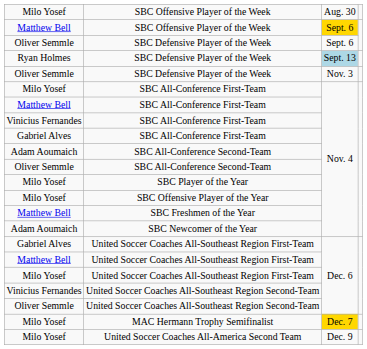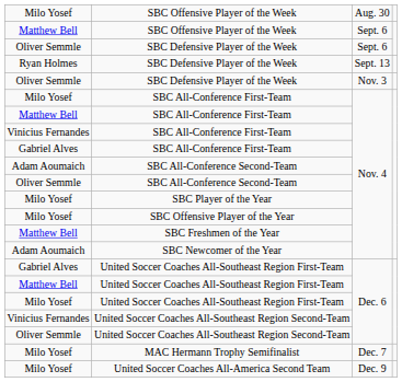 <table class="wikitable sortable" style="text-align: center">
 <tr>
 <td>Milo Yosef</td>
 <td>SBC Offensive Player of the Week</td>
 <td>Aug. 30</td>
 <td></td>
 </tr>
 <tr>
 <td><a href='#'>Matthew Bell</a></td>
 <td>SBC Offensive Player of the Week</td>
-<td style="background: gold;">Sept. 6</td>
+<td>Sept. 6</td>
 <td rowspan=2></td>
 </tr>
 <tr>
 <td>Oliver Semmle</td>
 <td>SBC Defensive Player of the Week</td>
 <td>Sept. 6</td>
 </tr>
 <tr>
 <td>Ryan Holmes</td>
 <td>SBC Defensive Player of the Week</td>
-<td style="background: lightblue;">Sept. 13</td>
+<td>Sept. 13</td>
 <td></td>
 </tr>
 <tr>
 <td>Oliver Semmle</td>
 <td>SBC Defensive Player of the Week</td>
 <td>Nov. 3</td>
 <td></td>
 </tr>
 <tr>
 <td>Milo Yosef</td>
 <td>SBC All-Conference First-Team</td>
 <td rowspan=10>Nov. 4</td>
 <td rowspan=10></td>
 </tr>
 <tr>
 <td><a href='#'>Matthew Bell</a></td>
 <td>SBC All-Conference First-Team</td>
 </tr>
 <tr>
 <td>Vinicius Fernandes</td>
 <td>SBC All-Conference First-Team</td>
 </tr>
 <tr>
 <td>Gabriel Alves</td>
 <td>SBC All-Conference First-Team</td>
 </tr>
 <tr>
 <td>Adam Aoumaich</td>
 <td>SBC All-Conference Second-Team</td>
 </tr>
 <tr>
 <td>Oliver Semmle</td>
 <td>SBC All-Conference Second-Team</td>
 </tr>
 <tr>
 <td>Milo Yosef</td>
 <td>SBC Player of the Year</td>
 </tr>
 <tr>
 <td>Milo Yosef</td>
 <td>SBC Offensive Player of the Year</td>
 </tr>
 <tr>
 <td><a href='#'>Matthew Bell</a></td>
 <td>SBC Freshmen of the Year</td>
 </tr>
 <tr>
 <td>Adam Aoumaich</td>
 <td>SBC Newcomer of the Year</td>
 </tr>
 <tr>
 <td>Gabriel Alves</td>
 <td>United Soccer Coaches All-Southeast Region First-Team</td>
 <td rowspan = 5>Dec. 6</td>
 <td rowspan = 5></td>
 </tr>
 <tr>
 <td><a href='#'>Matthew Bell</a></td>
 <td>United Soccer Coaches All-Southeast Region First-Team</td>
 </tr>
 <tr>
 <td>Milo Yosef</td>
 <td>United Soccer Coaches All-Southeast Region First-Team</td>
 </tr>
 <tr>
 <td>Vinicius Fernandes</td>
 <td>United Soccer Coaches All-Southeast Region Second-Team</td>
 </tr>
 <tr>
 <td>Oliver Semmle</td>
 <td>United Soccer Coaches All-Southeast Region Second-Team</td>
 </tr>
 <tr>
 <td>Milo Yosef</td>
 <td>MAC Hermann Trophy Semifinalist</td>
-<td style="background: gold;">Dec. 7</td>
+<td>Dec. 7</td>
 <td></td>
 </tr>
 <tr>
 <td>Milo Yosef</td>
 <td>United Soccer Coaches All-America Second Team</td>
 <td>Dec. 9</td>
 <td></td>
 </tr>
 </table>
